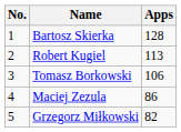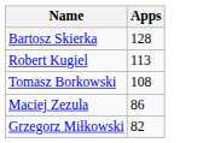 <table class="wikitable" style="display: inline-table;">
 <tr>
-<th>No.</th>
 <th>Name</th>
 <th>Apps</th>
 </tr>
 <tr>
-<td>1</td>
 <td><a href='#'>Bartosz Skierka</a></td>
 <td>128</td>
 </tr>
 <tr>
-<td>2</td>
 <td><a href='#'>Robert Kugiel</a></td>
 <td>113</td>
 </tr>
 <tr>
-<td>3</td>
 <td><a href='#'>Tomasz Borkowski</a></td>
-<td>106</td>
+<td>108</td>
 </tr>
 <tr>
-<td>4</td>
 <td><a href='#'>Maciej Zezula</a></td>
 <td>86</td>
 </tr>
 <tr>
-<td>5</td>
 <td><a href='#'>Grzegorz Miłkowski</a></td>
 <td>82</td>
 </tr>
 </table>
